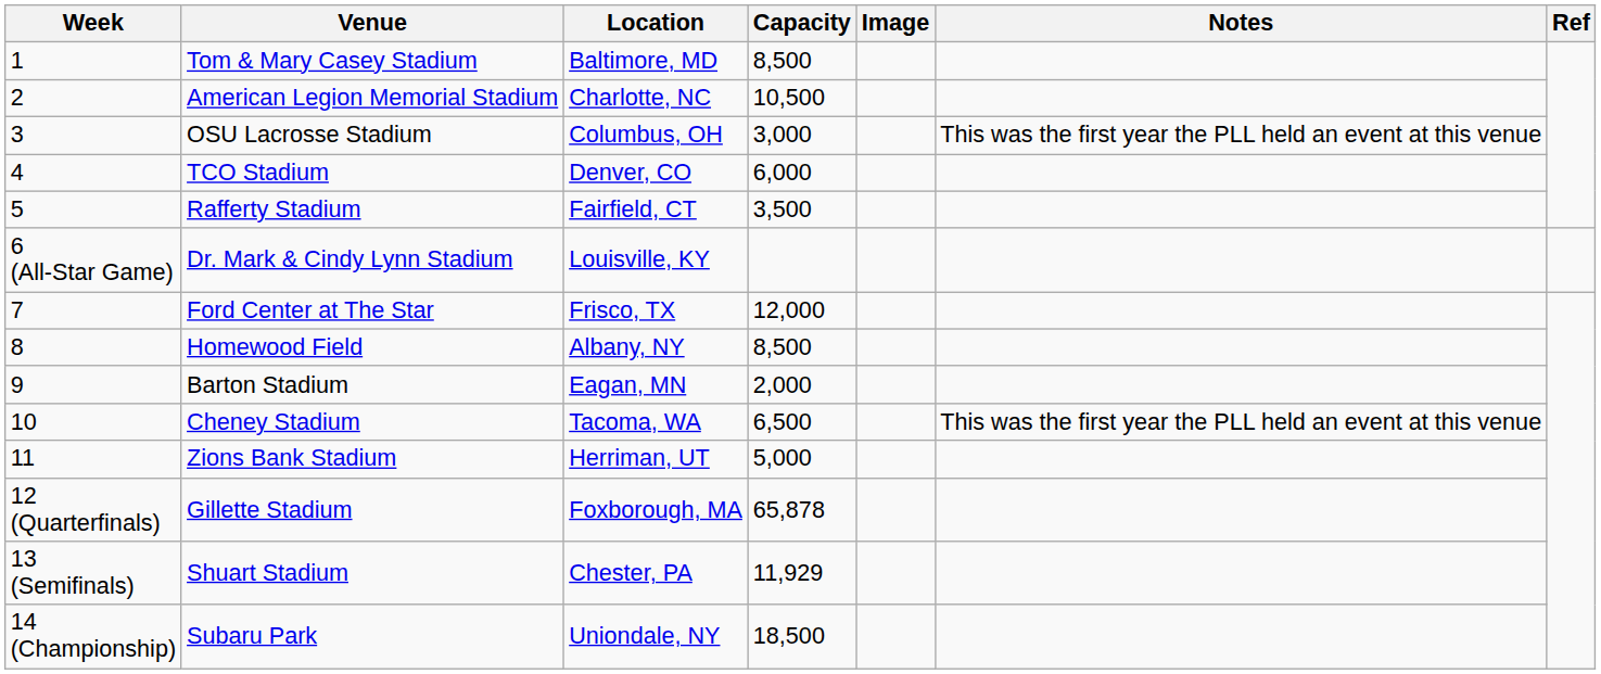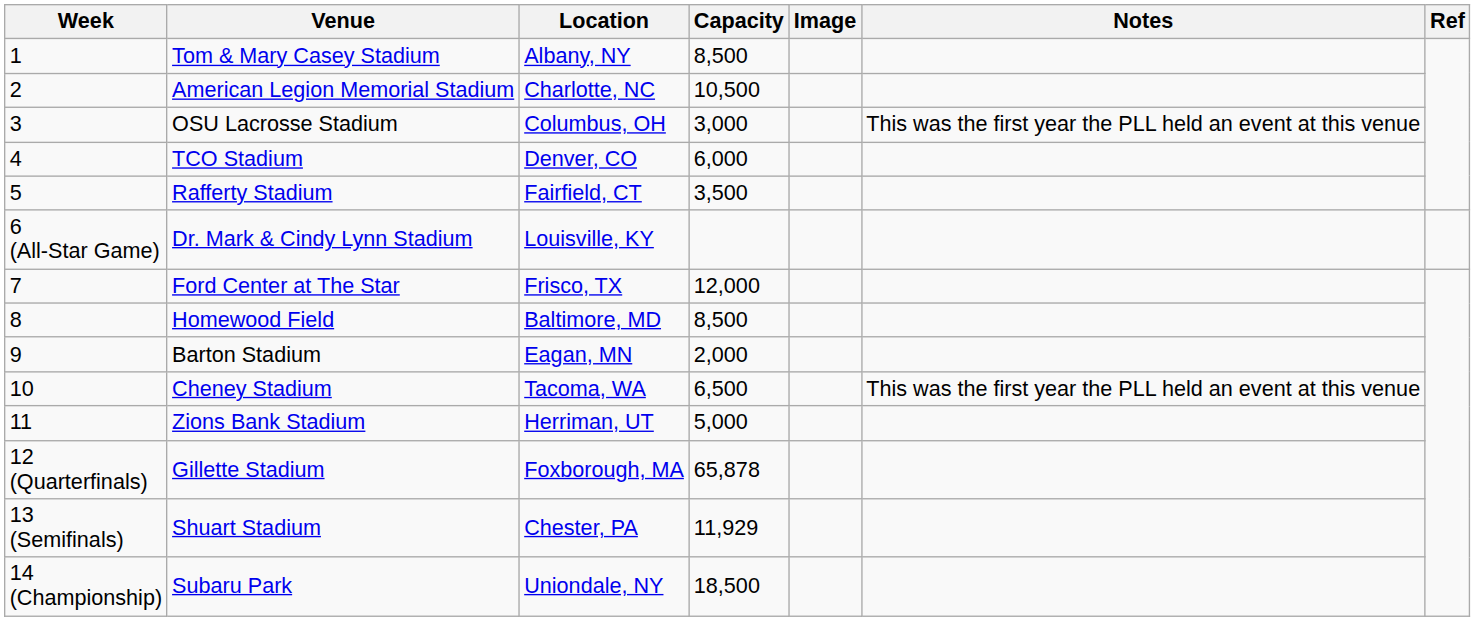 <table class="wikitable">
 <tr>
 <th>Week</th>
 <th>Venue</th>
 <th>Location</th>
 <th>Capacity</th>
 <th>Image</th>
 <th>Notes</th>
 <th>Ref</th>
 </tr>
 <tr>
 <td>1</td>
 <td><a href='#'>Tom & Mary Casey Stadium</a></td>
-<td><a href='#'>Baltimore, MD</a></td>
+<td><a href='#'>Albany, NY</a></td>
 <td>8,500</td>
 <td></td>
 <td></td>
 <td rowspan="5"></td>
 </tr>
 <tr>
 <td>2</td>
 <td><a href='#'>American Legion Memorial Stadium</a></td>
 <td><a href='#'>Charlotte, NC</a></td>
 <td>10,500</td>
 <td></td>
 <td></td>
 </tr>
 <tr>
 <td>3</td>
 <td>OSU Lacrosse Stadium</td>
 <td><a href='#'>Columbus, OH</a></td>
 <td>3,000</td>
 <td></td>
 <td>This was the first year the PLL held an event at this venue</td>
 </tr>
 <tr>
 <td>4</td>
 <td><a href='#'>TCO Stadium</a></td>
 <td><a href='#'>Denver, CO</a></td>
 <td>6,000</td>
 <td></td>
 <td></td>
 </tr>
 <tr>
 <td>5</td>
 <td><a href='#'>Rafferty Stadium</a></td>
 <td><a href='#'>Fairfield, CT</a></td>
 <td>3,500</td>
 <td></td>
 <td></td>
 </tr>
 <tr>
 <td>6<br>(All-Star Game)</td>
 <td><a href='#'>Dr. Mark & Cindy Lynn Stadium</a></td>
 <td><a href='#'>Louisville, KY</a></td>
 <td></td>
 <td></td>
 <td></td>
 <td></td>
 </tr>
 <tr>
 <td>7</td>
 <td><a href='#'>Ford Center at The Star</a></td>
 <td><a href='#'>Frisco, TX</a></td>
 <td>12,000</td>
 <td></td>
 <td></td>
 <td rowspan="8"></td>
 </tr>
 <tr>
 <td>8</td>
 <td><a href='#'>Homewood Field</a></td>
-<td><a href='#'>Albany, NY</a></td>
+<td><a href='#'>Baltimore, MD</a></td>
 <td>8,500</td>
 <td></td>
 <td></td>
 </tr>
 <tr>
 <td>9</td>
 <td>Barton Stadium</td>
 <td><a href='#'>Eagan, MN</a></td>
 <td>2,000</td>
 <td></td>
 <td></td>
 </tr>
 <tr>
 <td>10</td>
 <td><a href='#'>Cheney Stadium</a></td>
 <td><a href='#'>Tacoma, WA</a></td>
 <td>6,500</td>
 <td></td>
 <td>This was the first year the PLL held an event at this venue</td>
 </tr>
 <tr>
 <td>11</td>
 <td><a href='#'>Zions Bank Stadium</a></td>
 <td><a href='#'>Herriman, UT</a></td>
 <td>5,000</td>
 <td></td>
 <td></td>
 </tr>
 <tr>
 <td>12<br>(Quarterfinals)</td>
 <td><a href='#'>Gillette Stadium</a></td>
 <td><a href='#'>Foxborough, MA</a></td>
 <td>65,878</td>
 <td></td>
 <td></td>
 </tr>
 <tr>
 <td>13<br>(Semifinals)</td>
 <td><a href='#'>Shuart Stadium</a></td>
 <td><a href='#'>Chester, PA</a></td>
 <td>11,929</td>
 <td></td>
 <td></td>
 </tr>
 <tr>
 <td>14<br>(Championship)</td>
 <td><a href='#'>Subaru Park</a></td>
 <td><a href='#'>Uniondale, NY</a></td>
 <td>18,500</td>
 <td></td>
 <td></td>
 </tr>
 </table>
